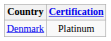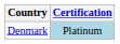 <table class="wikitable sortable">
 <tr>
 <th>Country</th>
 <th><a href='#'>Certification</a></th>
 </tr>
 <tr>
 <td><a href='#'>Denmark</a></td>
-<td style="text-align:center;">Platinum</td>
+<td style="background: lightblue; text-align:center;">Platinum</td>
 </tr>
 </table>
